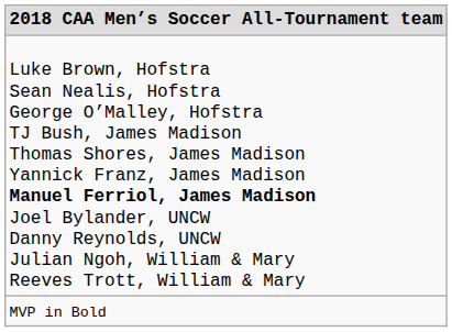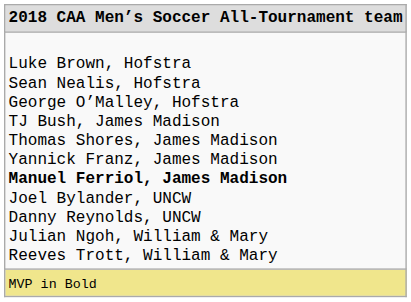 <table class="wikitable" style="white-space:nowrap; font-size:90%;">
 <tr>
 <td colspan="7" style="text-align:center; background:#ddd;"><strong>2018 CAA Men’s Soccer All-Tournament team</strong></td>
 </tr>
 <tr>
 <td><br>Luke Brown, Hofstra<br> Sean Nealis, Hofstra<br> George O’Malley, Hofstra<br> TJ Bush, James Madison<br> Thomas Shores, James Madison<br> Yannick Franz, James Madison<br> <strong>Manuel Ferriol, James Madison</strong><br> Joel Bylander, UNCW<br> Danny Reynolds, UNCW<br> Julian Ngoh, William & Mary<br> Reeves Trott, William & Mary</td>
 </tr>
 <tr>
-<td><small>MVP in Bold</small></td>
+<td style="background: khaki;"><small>MVP in Bold</small></td>
 </tr>
 </table>
